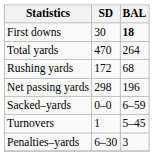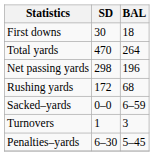 <table class="wikitable" style="float: left;">
 <tr>
 <th>Statistics</th>
 <th>SD</th>
 <th>BAL</th>
 </tr>
 <tr>
 <td>First downs</td>
 <td>30</td>
-<td><strong>18</strong></td>
+<td>18</td>
 </tr>
 <tr>
 <td>Total yards</td>
 <td>470</td>
 <td>264</td>
 </tr>
 <tr>
+<td>Net passing yards</td>
+<td>298</td>
+<td>196</td>
+</tr>
+<tr>
 <td>Rushing yards</td>
 <td>172</td>
 <td>68</td>
-</tr>
-<tr>
-<td>Net passing yards</td>
-<td>298</td>
-<td>196</td>
 </tr>
 <tr>
 <td>Sacked–yards</td>
 <td>0–0</td>
 <td>6–59</td>
 </tr>
 <tr>
 <td>Turnovers</td>
 <td>1</td>
-<td>5–45</td>
+<td>3</td>
 </tr>
 <tr>
 <td>Penalties–yards</td>
 <td>6–30</td>
-<td>3</td>
+<td>5–45</td>
 </tr>
 <tr>
 </tr>
 </table>
